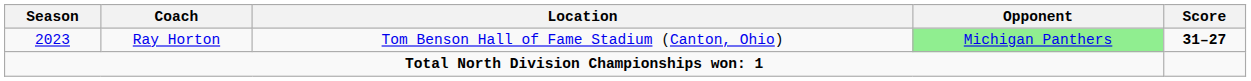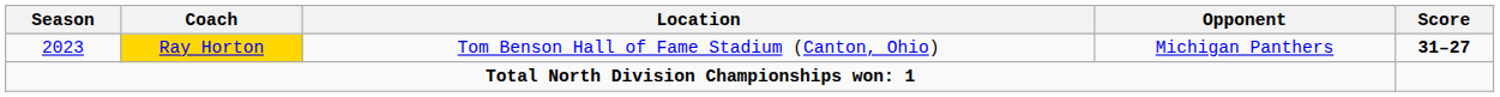 <table class="wikitable" style="width:70%;text-align:center">
 <tr>
 <th>Season</th>
 <th>Coach</th>
 <th>Location</th>
 <th>Opponent</th>
 <th>Score</th>
 </tr>
 <tr>
 <td><a href='#'>2023</a></td>
-<td><a href='#'>Ray Horton</a></td>
+<td style="background: gold;"><a href='#'>Ray Horton</a></td>
 <td><a href='#'>Tom Benson Hall of Fame Stadium</a> (<a href='#'>Canton, Ohio</a>)</td>
-<td style="background: lightgreen;"><a href='#'>Michigan Panthers</a></td>
+<td><a href='#'>Michigan Panthers</a></td>
 <td><strong>31–27</strong></td>
 </tr>
 <tr>
 <td colspan="4"><strong>Total North Division Championships won: 1</strong></td>
 <td colspan="2"></td>
 </tr>
 </table>
